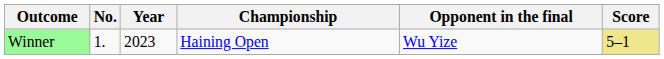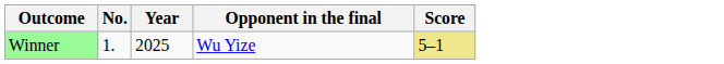 <table class="wikitable sortable">
 <tr>
 <th style="width:80px;">Outcome</th>
 <th style="width:20px;">No.</th>
 <th style="width:50px;">Year</th>
-<th style="width:220px;">Championship</th>
 <th style="width:200px;">Opponent in the final</th>
 <th style="width:50px;">Score</th>
 </tr>
 <tr>
 <td style="background:#98FB98">Winner</td>
 <td>1.</td>
-<td>2023</td>
-<td><a href='#'>Haining Open</a></td>
+<td>2025</td>
 <td> <a href='#'>Wu Yize</a></td>
 <td style="background: khaki;">5–1 </td>
 </tr>
 </table>
